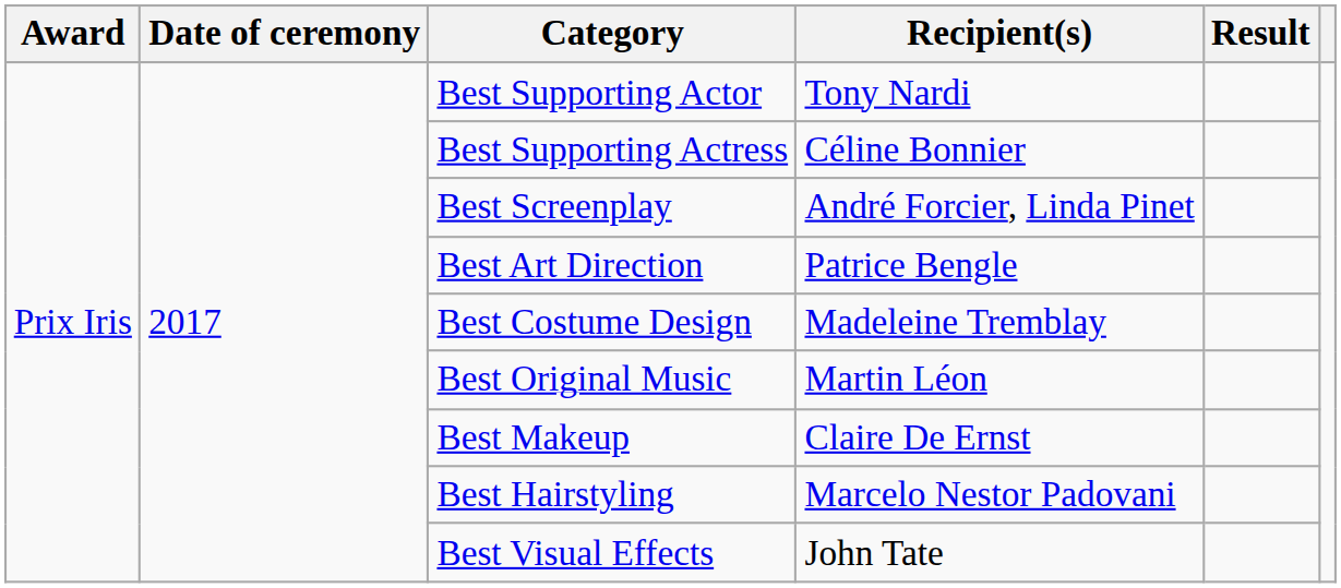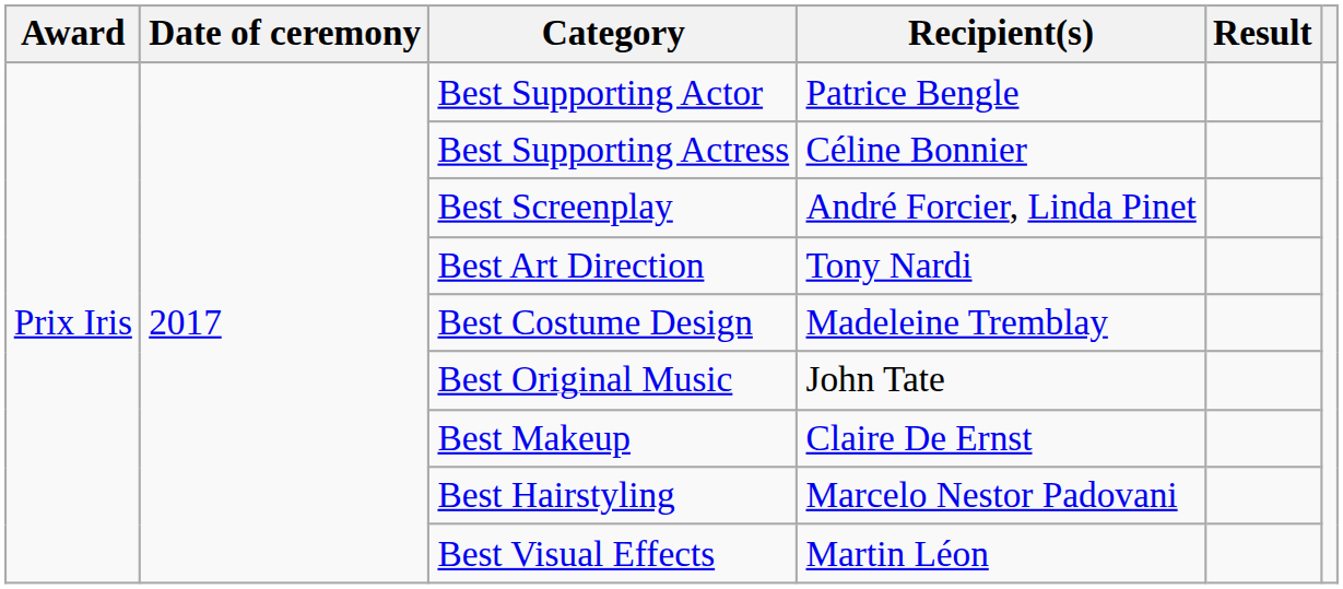 <table class="wikitable sortable plainrowheaders">
 <tr>
 <th scope="col">Award</th>
 <th scope="col">Date of ceremony</th>
 <th scope="col">Category</th>
 <th scope="col">Recipient(s)</th>
 <th scope="col">Result</th>
 <th scope="col" class="unsortable"></th>
 </tr>
 <tr>
 <td rowspan=9><a href='#'>Prix Iris</a></td>
 <td rowspan=9><a href='#'>2017</a></td>
 <td><a href='#'>Best Supporting Actor</a></td>
-<td><a href='#'>Tony Nardi</a></td>
+<td><a href='#'>Patrice Bengle</a></td>
 <td></td>
 <td rowspan=9></td>
 </tr>
 <tr>
 <td><a href='#'>Best Supporting Actress</a></td>
 <td><a href='#'>Céline Bonnier</a></td>
 <td></td>
 </tr>
 <tr>
 <td><a href='#'>Best Screenplay</a></td>
 <td><a href='#'>André Forcier</a>, <a href='#'>Linda Pinet</a></td>
 <td></td>
 </tr>
 <tr>
 <td><a href='#'>Best Art Direction</a></td>
-<td><a href='#'>Patrice Bengle</a></td>
+<td><a href='#'>Tony Nardi</a></td>
 <td></td>
 </tr>
 <tr>
 <td><a href='#'>Best Costume Design</a></td>
 <td><a href='#'>Madeleine Tremblay</a></td>
 <td></td>
 </tr>
 <tr>
 <td><a href='#'>Best Original Music</a></td>
-<td><a href='#'>Martin Léon</a></td>
+<td>John Tate</td>
 <td></td>
 </tr>
 <tr>
 <td><a href='#'>Best Makeup</a></td>
 <td><a href='#'>Claire De Ernst</a></td>
 <td></td>
 </tr>
 <tr>
 <td><a href='#'>Best Hairstyling</a></td>
 <td><a href='#'>Marcelo Nestor Padovani</a></td>
 <td></td>
 </tr>
 <tr>
 <td><a href='#'>Best Visual Effects</a></td>
-<td>John Tate</td>
+<td><a href='#'>Martin Léon</a></td>
 <td></td>
 </tr>
 </table>
